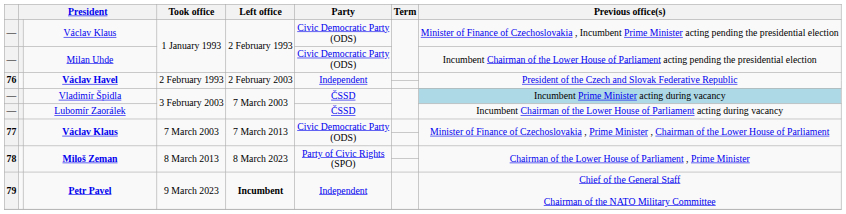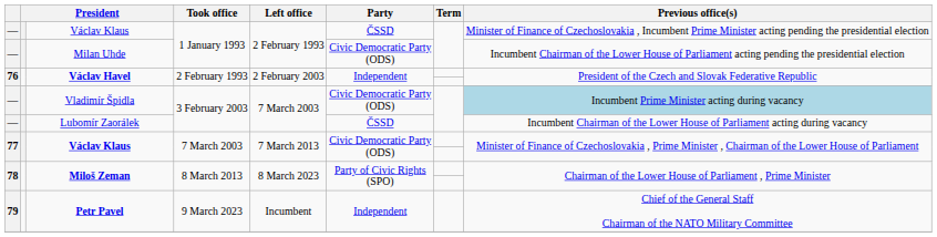 <table class="wikitable" style="text-align: center;">
 <tr>
 <th></th>
 <th colspan="2"><a href='#'>President</a><br></th>
 <th>Took office</th>
 <th>Left office</th>
 <th>Party</th>
 <th>Term</th>
 <th>Previous office(s)</th>
 </tr>
 <tr>
 <th style="background-color:">—</th>
 <th></th>
 <td style="width:16%;"><a href='#'>Václav Klaus</a><br></td>
 <td rowspan="2">1 January 1993</td>
 <td rowspan="2">2 February 1993</td>
-<td><a href='#'>Civic Democratic Party</a><br>(ODS)</td>
+<td><a href='#'>ČSSD</a></td>
 <td rowspan="2" bgcolor=></td>
 <td><a href='#'>Minister of Finance of Czechoslovakia</a> , Incumbent <a href='#'>Prime Minister</a>  acting pending the presidential election</td>
 </tr>
 <tr>
 <th style="background-color:">—</th>
 <th></th>
 <td style="width:16%;"><a href='#'>Milan Uhde</a><br></td>
 <td><a href='#'>Civic Democratic Party</a><br>(ODS)</td>
 <td>Incumbent <a href='#'>Chairman of the Lower House of Parliament</a>  acting pending the presidential election</td>
 </tr>
 <tr>
 <th rowspan="2" style="background: ">76</th>
 <td rowspan="2"></td>
 <td rowspan="2" style="width:16%;"><strong><a href='#'>Václav Havel</a></strong><br></td>
 <td rowspan="2">2 February 1993</td>
 <td rowspan="2">2 February 2003</td>
 <td rowspan="2"><a href='#'>Independent</a></td>
 <td bgcolor=><a href='#'></a></td>
 <td rowspan="2"><a href='#'>President of the Czech and Slovak Federative Republic</a> </td>
 </tr>
 <tr>
 <td bgcolor=><a href='#'></a></td>
 </tr>
 <tr>
 <th style="background-color:">—</th>
 <th></th>
 <td style="width:16%;"><a href='#'>Vladimír Špidla</a><br></td>
 <td rowspan="2">3 February 2003</td>
 <td rowspan="2">7 March 2003</td>
-<td><a href='#'>ČSSD</a></td>
+<td><a href='#'>Civic Democratic Party</a><br>(ODS)</td>
 <td rowspan=2 bgcolor=></td>
 <td style="background: lightblue;">Incumbent <a href='#'>Prime Minister</a>  acting during vacancy</td>
 </tr>
 <tr>
 <th style="background-color:">—</th>
 <th></th>
 <td style="width:16%;"><a href='#'>Lubomír Zaorálek</a><br></td>
 <td><a href='#'>ČSSD</a></td>
 <td>Incumbent <a href='#'>Chairman of the Lower House of Parliament</a>  acting during vacancy</td>
 </tr>
 <tr>
 <th rowspan="2" style="background-color:">77</th>
 <th rowspan="2"></th>
 <td rowspan="2" style="width:16%;"><strong><a href='#'>Václav Klaus</a></strong><br></td>
 <td rowspan="2">7 March 2003</td>
 <td rowspan="2">7 March 2013</td>
 <td rowspan="2"><a href='#'>Civic Democratic Party</a><br>(ODS)</td>
 <td bgcolor=><a href='#'></a></td>
 <td rowspan="2"><a href='#'>Minister of Finance of Czechoslovakia</a> , <a href='#'>Prime Minister</a> , <a href='#'>Chairman of the Lower House of Parliament</a> </td>
 </tr>
 <tr>
 <td bgcolor=><a href='#'></a></td>
 </tr>
 <tr>
 <th rowspan="2" style="background: ">78</th>
 <td rowspan="2"></td>
 <td rowspan="2"><strong><a href='#'>Miloš Zeman</a></strong><br></td>
 <td rowspan="2">8 March 2013</td>
 <td rowspan="2">8 March 2023</td>
 <td rowspan="2"><a href='#'>Party of Civic Rights</a><br>(SPO)</td>
 <td bgcolor=><a href='#'></a></td>
 <td rowspan="2"><a href='#'>Chairman of the Lower House of Parliament</a> , <a href='#'>Prime Minister</a> </td>
 </tr>
 <tr>
 <td bgcolor=><a href='#'></a></td>
 </tr>
 <tr>
 <th style="background: ">79</th>
 <td></td>
 <td><strong><a href='#'>Petr Pavel</a></strong><br></td>
 <td>9 March 2023</td>
-<td><strong>Incumbent</strong></td>
+<td>Incumbent</td>
 <td><a href='#'>Independent</a></td>
 <td bgcolor=><a href='#'></a></td>
 <td><a href='#'>Chief of the General Staff</a> <br><br><a href='#'>Chairman of the NATO Military Committee</a><br></td>
 </tr>
 <tr>
 </tr>
 </table>
